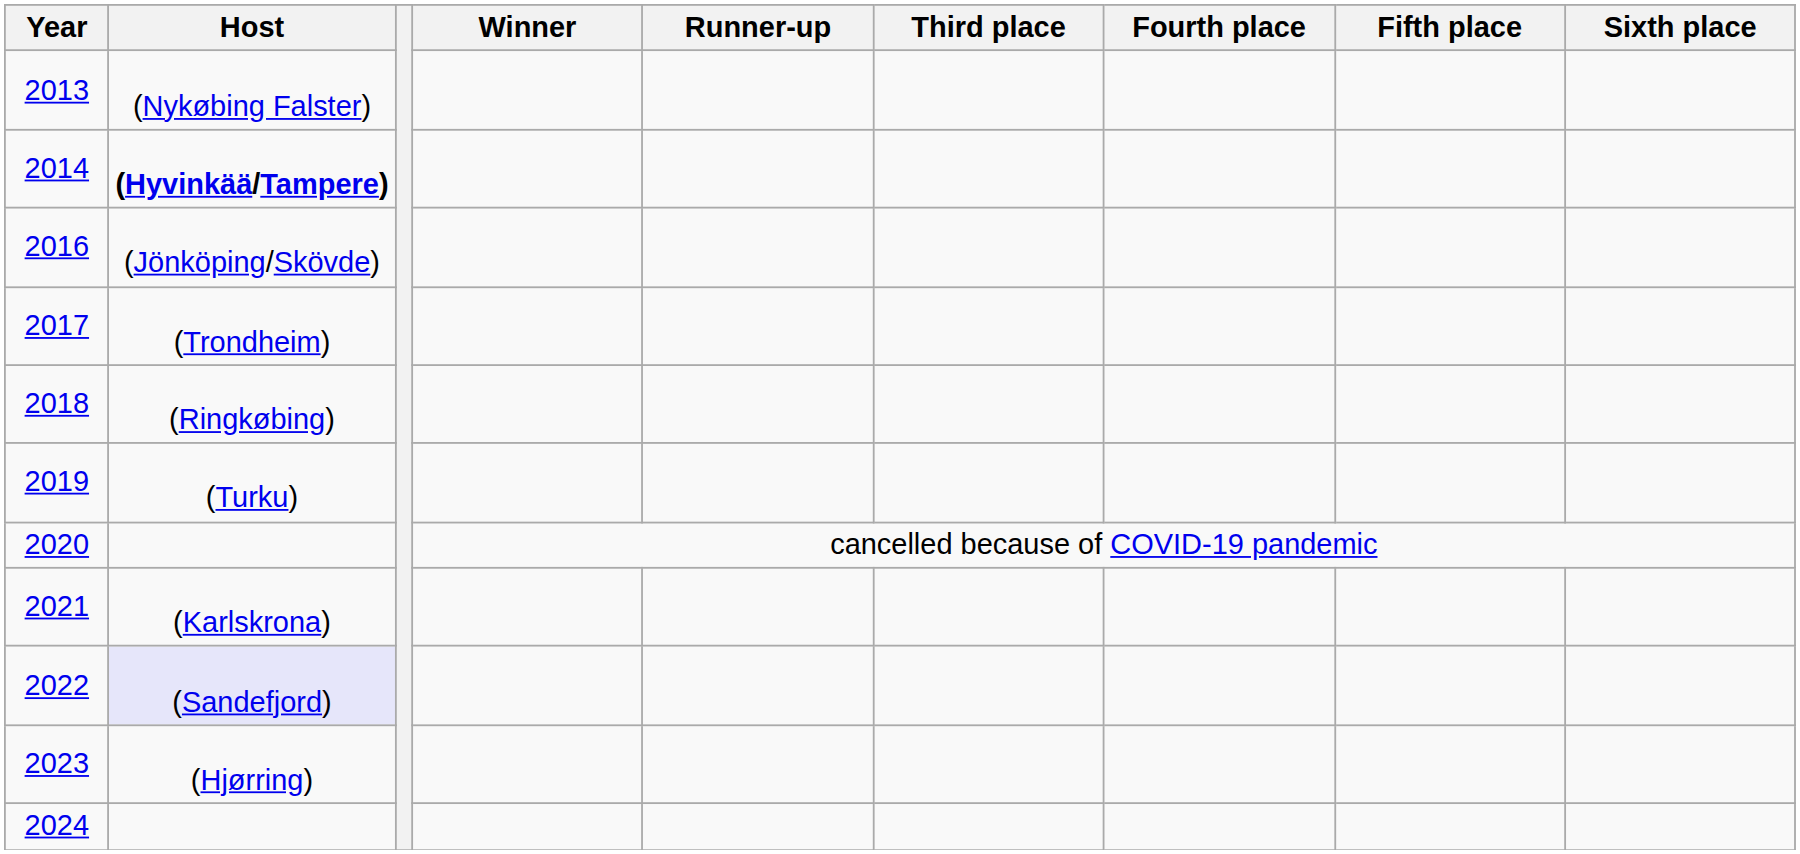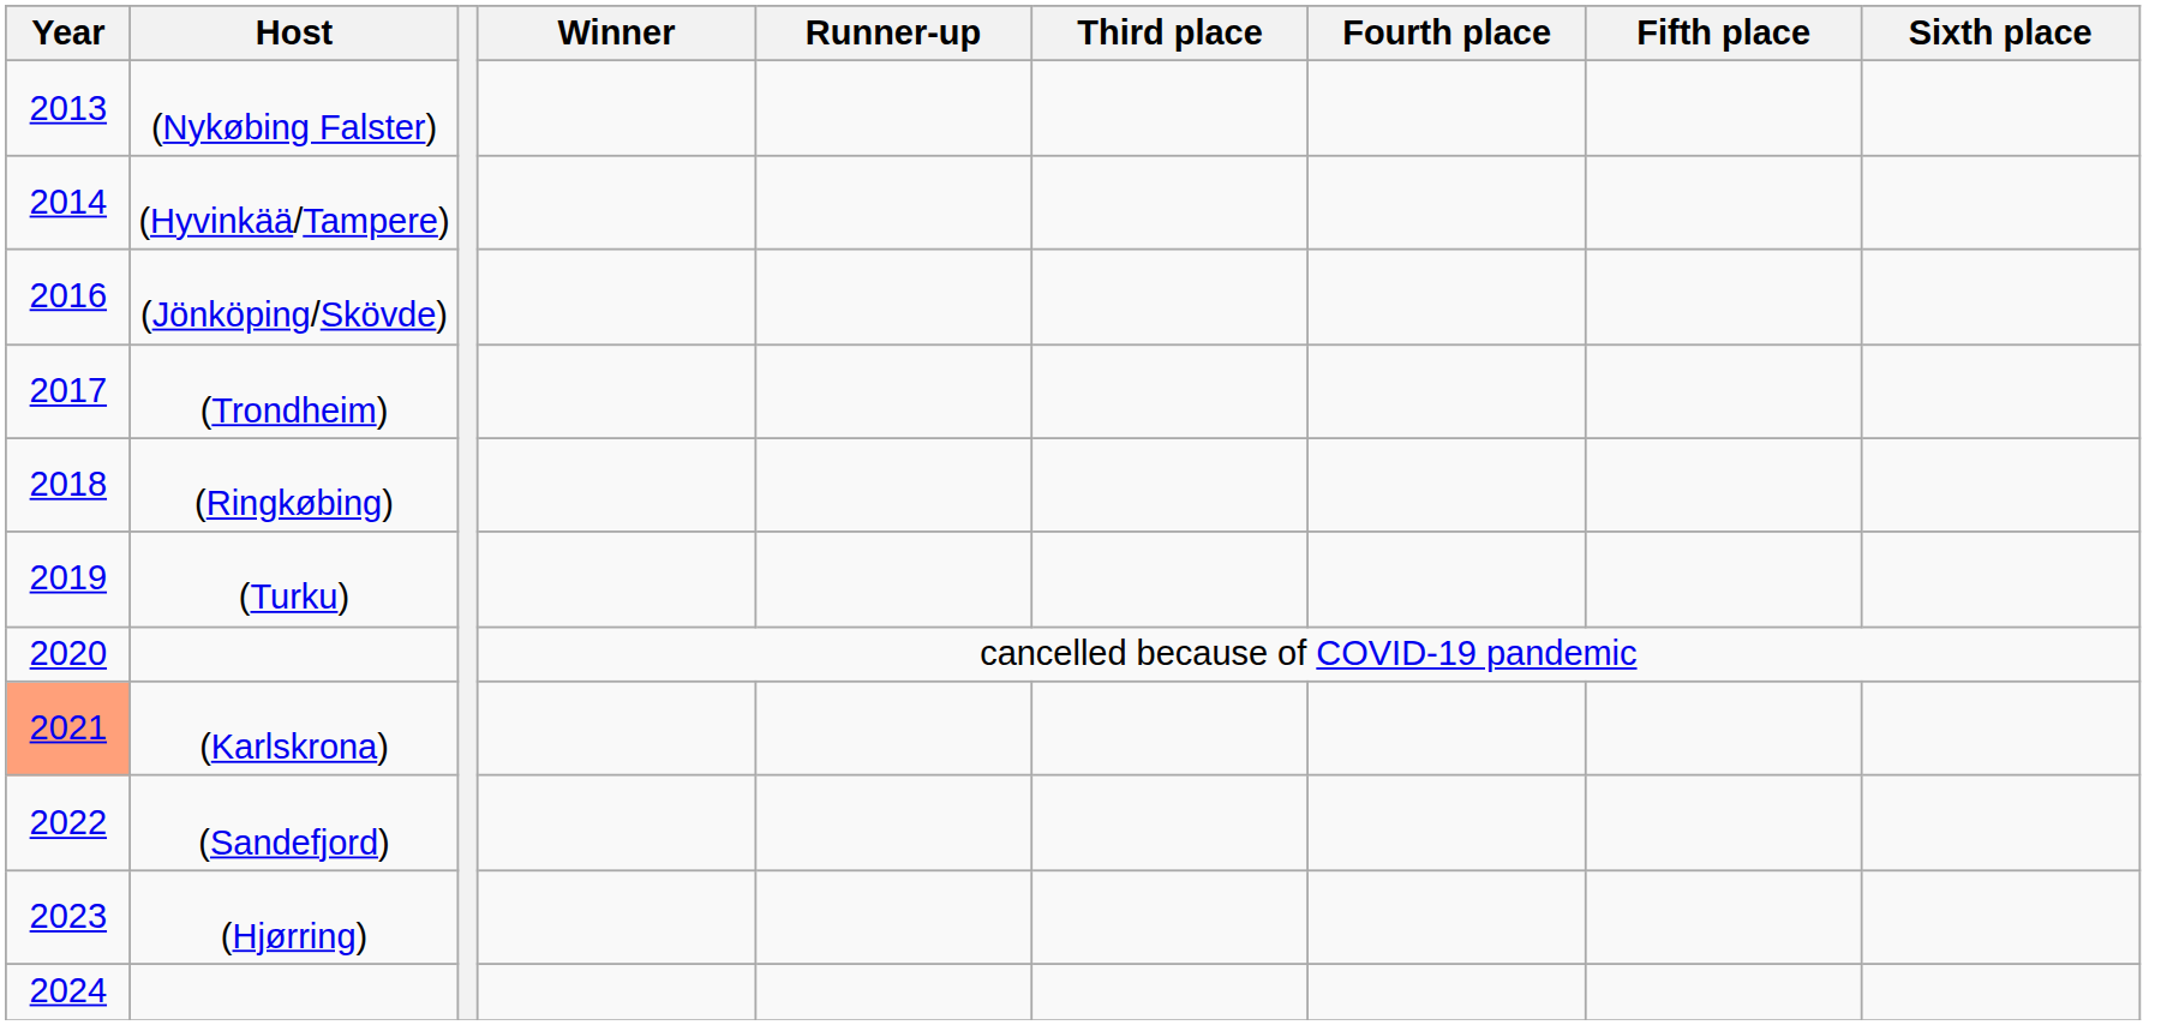 <table class="wikitable" style="text-align:center;">
 <tr>
 <th width=50>Year</th>
 <th width=125>Host</th>
 <th width=2 rowspan=12 bgcolor=ffffff></th>
 <th width=120>Winner</th>
 <th width=120>Runner-up</th>
 <th width=120>Third place</th>
 <th width=120>Fourth place</th>
 <th width=120>Fifth place</th>
 <th width=120>Sixth place</th>
 </tr>
 <tr>
 <td><a href='#'>2013</a></td>
 <td><br>(<a href='#'>Nykøbing Falster</a>)</td>
 <td></td>
 <td></td>
 <td></td>
 <td></td>
 <td></td>
 <td></td>
 </tr>
 <tr>
 <td><a href='#'>2014</a></td>
-<td><strong><br>(<a href='#'>Hyvinkää</a>/<a href='#'>Tampere</a>)</strong></td>
+<td><br>(<a href='#'>Hyvinkää</a>/<a href='#'>Tampere</a>)</td>
 <td></td>
 <td></td>
 <td></td>
 <td></td>
 <td></td>
 <td></td>
 </tr>
 <tr>
 <td><a href='#'>2016</a></td>
 <td><br>(<a href='#'>Jönköping</a>/<a href='#'>Skövde</a>)</td>
 <td></td>
 <td></td>
 <td></td>
 <td></td>
 <td></td>
 <td></td>
 </tr>
 <tr>
 <td><a href='#'>2017</a></td>
 <td><br>(<a href='#'>Trondheim</a>)</td>
 <td></td>
 <td></td>
 <td></td>
 <td></td>
 <td></td>
 <td></td>
 </tr>
 <tr>
 <td><a href='#'>2018</a></td>
 <td><br>(<a href='#'>Ringkøbing</a>)</td>
 <td></td>
 <td></td>
 <td></td>
 <td></td>
 <td></td>
 <td></td>
 </tr>
 <tr>
 <td><a href='#'>2019</a></td>
 <td><br>(<a href='#'>Turku</a>)</td>
 <td></td>
 <td></td>
 <td></td>
 <td></td>
 <td></td>
 <td></td>
 </tr>
 <tr>
 <td><a href='#'>2020</a></td>
 <td></td>
 <td colspan=6>cancelled because of <a href='#'>COVID-19 pandemic</a></td>
 </tr>
 <tr>
-<td><a href='#'>2021</a></td>
+<td style="background: lightsalmon;"><a href='#'>2021</a></td>
 <td><br>(<a href='#'>Karlskrona</a>)</td>
 <td></td>
 <td></td>
 <td></td>
 <td></td>
 <td></td>
 <td></td>
 </tr>
 <tr>
 <td><a href='#'>2022</a></td>
-<td style="background: lavender;"><br>(<a href='#'>Sandefjord</a>)</td>
+<td><br>(<a href='#'>Sandefjord</a>)</td>
 <td></td>
 <td></td>
 <td></td>
 <td></td>
 <td></td>
 <td></td>
 </tr>
 <tr>
 <td><a href='#'>2023</a></td>
 <td><br>(<a href='#'>Hjørring</a>)</td>
 <td></td>
 <td></td>
 <td></td>
 <td></td>
 <td></td>
 <td></td>
 </tr>
 <tr>
 <td><a href='#'>2024</a></td>
 <td></td>
 <td></td>
 <td></td>
 <td></td>
 <td></td>
 <td></td>
 <td></td>
 </tr>
 </table>
